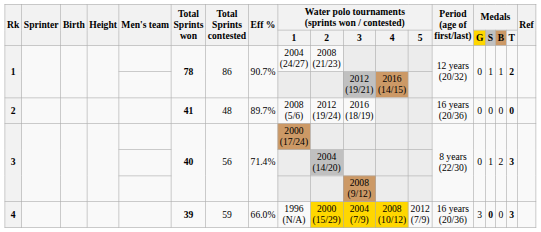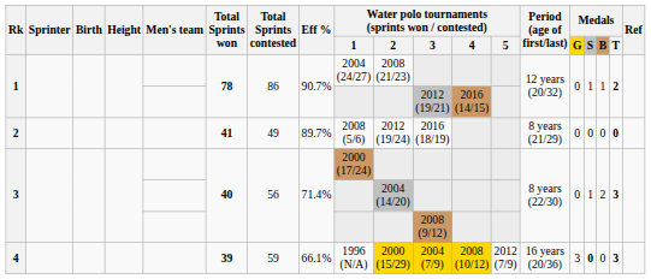 <table class="wikitable sortable sticky-table-head sticky-table-col1" style="text-align: center; font-size: 100%; margin-left: 1em;">
 <tr>
 <th scope="col" rowspan="2">Rk</th>
 <th scope="col" rowspan="2">Sprinter</th>
 <th scope="col" rowspan="2">Birth</th>
 <th scope="col" rowspan="2">Height</th>
 <th scope="col" rowspan="2">Men's team</th>
 <th scope="col" rowspan="2">Total<br>Sprints<br>won</th>
 <th scope="col" rowspan="2">Total<br>Sprints<br>contested</th>
 <th scope="col" rowspan="2">Eff %</th>
 <th scope="colgroup" colspan="5">Water polo tournaments<br>(sprints won / contested)</th>
 <th scope="col" rowspan="2">Period<br>(age of<br>first/last)</th>
 <th scope="colgroup" colspan="4">Medals</th>
 <th scope="col" rowspan="2" class="unsortable">Ref</th>
 </tr>
 <tr>
 <th scope="col">1</th>
 <th scope="col" class="unsortable">2</th>
 <th scope="col" class="unsortable">3</th>
 <th scope="col" class="unsortable">4</th>
 <th scope="col" class="unsortable">5</th>
 <th scope="col" style="background-color: gold;">G</th>
 <th scope="col" style="background-color: silver;">S</th>
 <th scope="col" style="background-color: #cc9966;">B</th>
 <th scope="col">T</th>
 </tr>
 <tr>
 <th scope="row" rowspan="2">1</th>
 <td rowspan="2" style="text-align: left;"></td>
 <td rowspan="2"></td>
 <td rowspan="2"></td>
 <td style="text-align: left;"></td>
 <td rowspan="2"><strong>78</strong></td>
 <td rowspan="2">86</td>
 <td rowspan="2">90.7%</td>
 <td>2004<br>(24/27)</td>
 <td>2008<br>(21/23)</td>
 <td style="background-color: #ececec;"></td>
 <td style="background-color: #ececec;"></td>
 <td style="background-color: #ececec;"></td>
 <td rowspan="2">12 years<br>(20/32)</td>
 <td rowspan="2">0</td>
 <td rowspan="2">1</td>
 <td rowspan="2">1</td>
 <td rowspan="2"><strong>2</strong></td>
 <td rowspan="2"></td>
 </tr>
 <tr class="expand-child">
 <td style="text-align: left;"></td>
 <td style="background-color: #ececec;"></td>
 <td style="background-color: #ececec;"></td>
 <td style="background-color: silver;">2012<br>(19/21)</td>
 <td style="background-color: #cc9966;">2016<br>(14/15)</td>
 <td style="background-color: #ececec;"></td>
 </tr>
 <tr>
 <th scope="row">2</th>
 <td style="text-align: left;"></td>
 <td></td>
 <td></td>
 <td style="text-align: left;"></td>
 <td><strong>41</strong></td>
-<td>48</td>
+<td>49</td>
 <td>89.7%</td>
 <td>2008<br>(5/6)</td>
 <td>2012<br>(19/24)</td>
 <td>2016<br>(18/19)</td>
 <td style="background-color: #ececec;"></td>
 <td style="background-color: #ececec;"></td>
-<td>16 years<br>(20/36)</td>
+<td>8 years<br>(21/29)</td>
 <td>0</td>
 <td>0</td>
 <td>0</td>
 <td><strong>0</strong></td>
 <td></td>
 </tr>
 <tr>
 <th scope="rowgroup" rowspan="3">3</th>
 <td rowspan="3" style="text-align: left;"></td>
 <td rowspan="3"></td>
 <td rowspan="3"></td>
 <td style="text-align: left;"></td>
 <td rowspan="3"><strong>40</strong></td>
 <td rowspan="3">56</td>
 <td rowspan="3">71.4%</td>
 <td style="background-color: #cc9966;">2000<br>(17/24)</td>
 <td style="background-color: #ececec;"></td>
 <td style="background-color: #ececec;"></td>
 <td style="background-color: #ececec;"></td>
 <td style="background-color: #ececec;"></td>
 <td rowspan="3">8 years<br>(22/30)</td>
 <td rowspan="3">0</td>
 <td rowspan="3">1</td>
 <td rowspan="3">2</td>
 <td rowspan="3"><strong>3</strong></td>
 <td rowspan="3"></td>
 </tr>
 <tr class="expand-child">
 <td style="text-align: left;"></td>
 <td style="background-color: #ececec;"></td>
 <td style="background-color: silver;">2004<br>(14/20)</td>
 <td style="background-color: #ececec;"></td>
 <td style="background-color: #ececec;"></td>
 <td style="background-color: #ececec;"></td>
 </tr>
 <tr class="expand-child">
 <td style="text-align: left;"></td>
 <td style="background-color: #ececec;"></td>
 <td style="background-color: #ececec;"></td>
 <td style="background-color: #cc9966;">2008<br>(9/12)</td>
 <td style="background-color: #ececec;"></td>
 <td style="background-color: #ececec;"></td>
 </tr>
 <tr>
 <th scope="row">4</th>
 <td style="text-align: left;"></td>
 <td></td>
 <td></td>
 <td style="text-align: left;"></td>
 <td><strong>39</strong></td>
 <td>59</td>
-<td>66.0%</td>
+<td>66.1%</td>
 <td>1996<br>(N/A)</td>
 <td style="background-color: gold;">2000<br>(15/29)</td>
 <td style="background-color: gold;">2004<br>(7/9)</td>
 <td style="background-color: gold;">2008<br>(10/12)</td>
 <td>2012<br>(7/9)</td>
 <td>16 years<br>(20/36)</td>
 <td>3</td>
 <td><strong>0</strong></td>
 <td>0</td>
 <td><strong>3</strong></td>
 <td></td>
 </tr>
 </table>
